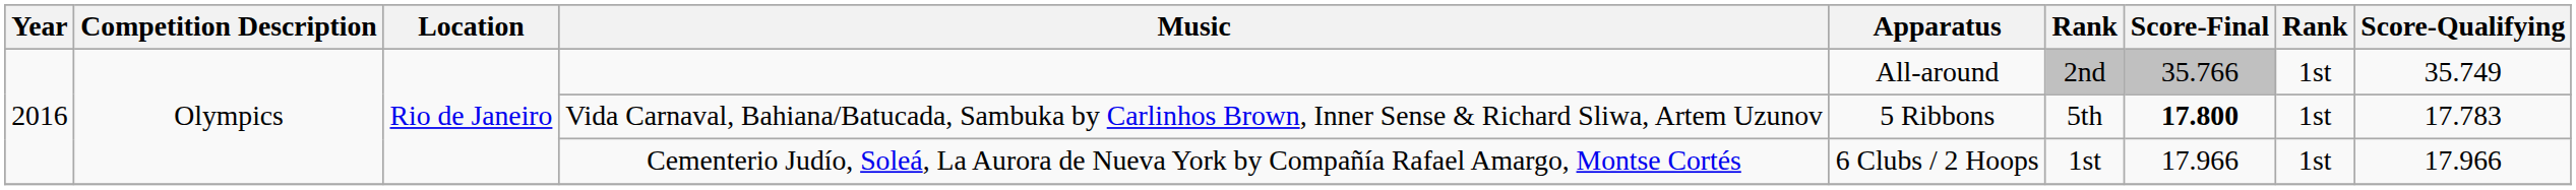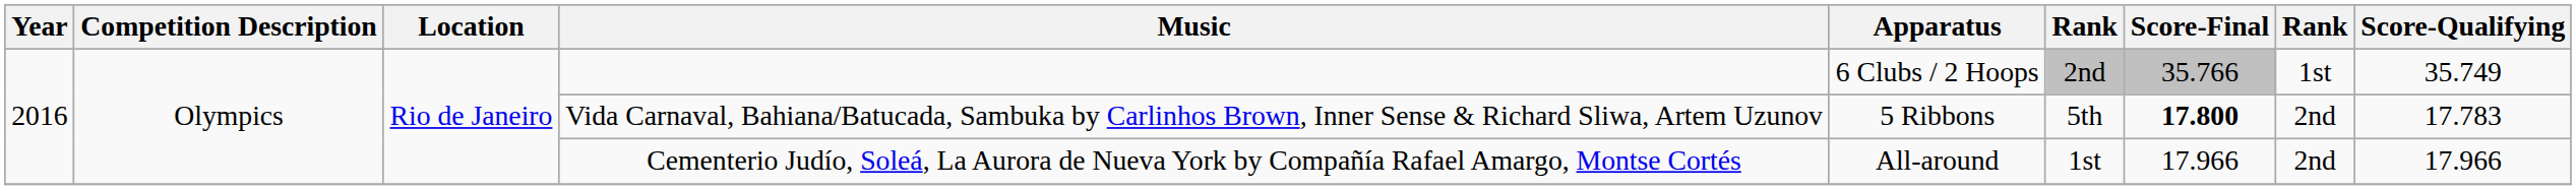 <table class="wikitable" style="text-align:center">
 <tr>
 <th>Year</th>
 <th>Competition Description</th>
 <th>Location</th>
 <th>Music</th>
 <th>Apparatus</th>
 <th>Rank</th>
 <th>Score-Final</th>
 <th>Rank</th>
 <th>Score-Qualifying</th>
 </tr>
 <tr>
 <td rowspan="3">2016</td>
 <td rowspan="3">Olympics</td>
 <td rowspan="3"><a href='#'>Rio de Janeiro</a></td>
 <td></td>
-<td>All-around</td>
+<td>6 Clubs / 2 Hoops</td>
 <td bgcolor=silver>2nd</td>
 <td bgcolor=silver>35.766</td>
 <td>1st</td>
 <td>35.749</td>
 </tr>
 <tr>
 <td>Vida Carnaval, Bahiana/Batucada, Sambuka by <a href='#'>Carlinhos Brown</a>, Inner Sense & Richard Sliwa, Artem Uzunov</td>
 <td>5 Ribbons</td>
 <td>5th</td>
 <td><strong>17.800</strong></td>
-<td>1st</td>
+<td>2nd</td>
 <td>17.783</td>
 </tr>
 <tr>
 <td>Cementerio Judío, <a href='#'>Soleá</a>, La Aurora de Nueva York by Compañía Rafael Amargo, <a href='#'>Montse Cortés</a></td>
-<td>6 Clubs / 2 Hoops</td>
+<td>All-around</td>
 <td>1st</td>
 <td>17.966</td>
-<td>1st</td>
+<td>2nd</td>
 <td>17.966</td>
 </tr>
 <tr>
 </tr>
 </table>
